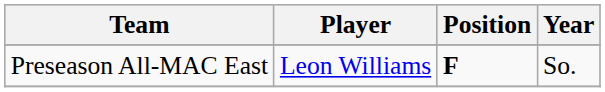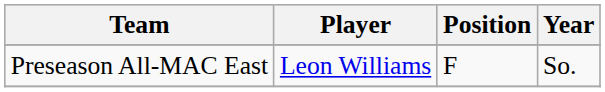 <table class="wikitable" border="1">
 <tr align=center>
 <th style= >Team</th>
 <th style= >Player</th>
 <th style= >Position</th>
 <th style= >Year</th>
 </tr>
 <tr align="center">
 </tr>
 <tr>
 <td>Preseason All-MAC East</td>
 <td><a href='#'>Leon Williams</a></td>
-<td><strong>F</strong></td>
+<td>F</td>
 <td>So.</td>
 </tr>
 <tr>
 </tr>
 <tr>
 </tr>
 </table>
